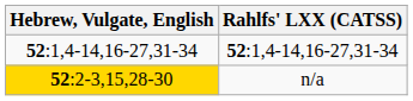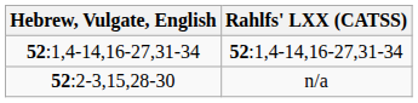 <table class=wikitable>
 <tr>
 <th>Hebrew, Vulgate, English</th>
 <th>Rahlfs' LXX (CATSS)</th>
 </tr>
 <tr>
 <td align=center><strong>52</strong>:1,4-14,16-27,31-34</td>
 <td align=center><strong>52</strong>:1,4-14,16-27,31-34</td>
 </tr>
 <tr>
-<td align=center style="background: gold;"><strong>52</strong>:2-3,15,28-30</td>
+<td align=center><strong>52</strong>:2-3,15,28-30</td>
 <td align=center>n/a</td>
 </tr>
 </table>
